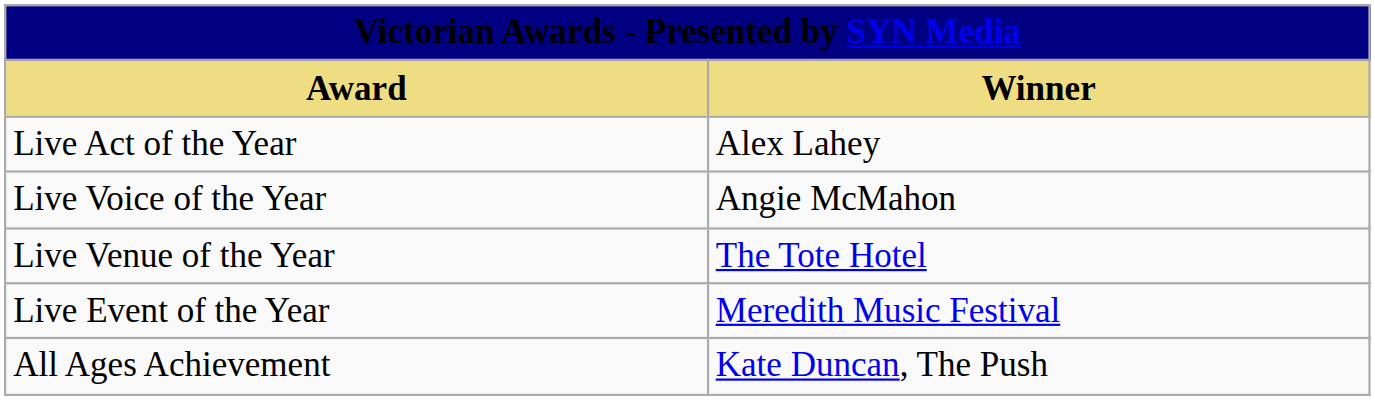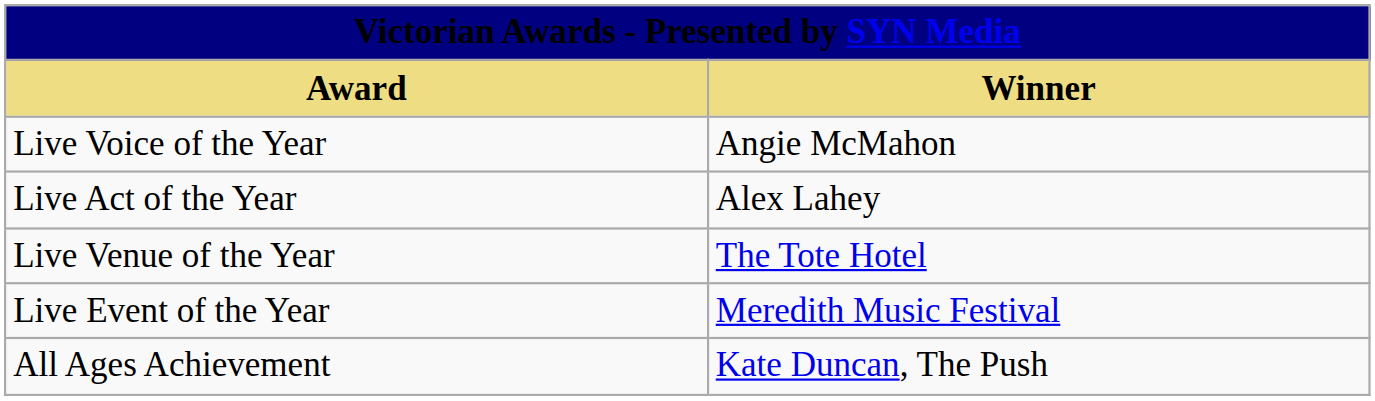 <table class="wikitable" width=100%>
 <tr>
 <th colspan="2" ! style="width:15%;background:navy">Victorian Awards - Presented by <a href='#'>SYN Media</a></th>
 </tr>
 <tr>
 <th style="width:10%;background:#EEDD82;">Award</th>
 <th style="width:10%;background:#EEDD82;">Winner</th>
 </tr>
 <tr>
+<td>Live Voice of the Year</td>
+<td>Angie McMahon</td>
+</tr>
+<tr>
 <td>Live Act of the Year</td>
 <td>Alex Lahey</td>
-</tr>
-<tr>
-<td>Live Voice of the Year</td>
-<td>Angie McMahon</td>
 </tr>
 <tr>
 <td>Live Venue of the Year</td>
 <td><a href='#'>The Tote Hotel</a></td>
 </tr>
 <tr>
 <td>Live Event of the Year</td>
 <td><a href='#'>Meredith Music Festival</a></td>
 </tr>
 <tr>
 <td>All Ages Achievement</td>
 <td><a href='#'>Kate Duncan</a>, The Push</td>
 </tr>
 </table>
